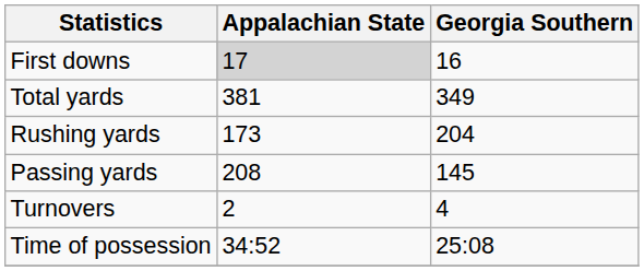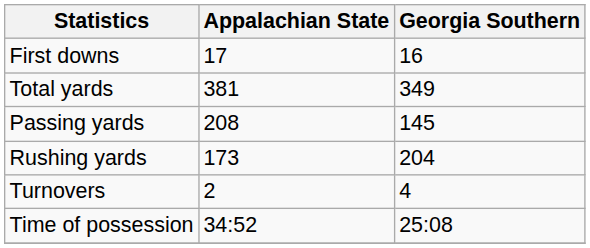 <table class="wikitable">
 <tr>
 <th>Statistics</th>
 <th>Appalachian State</th>
 <th>Georgia Southern</th>
 </tr>
 <tr>
 <td>First downs</td>
-<td style="background: lightgrey;">17</td>
+<td>17</td>
 <td>16</td>
 </tr>
 <tr>
 <td>Total yards</td>
 <td>381</td>
 <td>349</td>
 </tr>
 <tr>
+<td>Passing yards</td>
+<td>208</td>
+<td>145</td>
+</tr>
+<tr>
 <td>Rushing yards</td>
 <td>173</td>
 <td>204</td>
-</tr>
-<tr>
-<td>Passing yards</td>
-<td>208</td>
-<td>145</td>
 </tr>
 <tr>
 <td>Turnovers</td>
 <td>2</td>
 <td>4</td>
 </tr>
 <tr>
 <td>Time of possession</td>
 <td>34:52</td>
 <td>25:08</td>
 </tr>
 <tr>
 </tr>
 </table>
